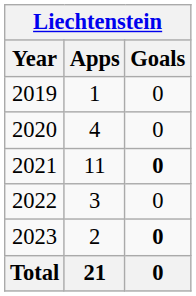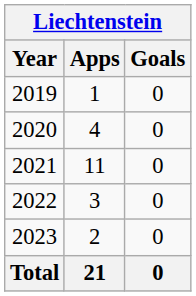 <table class="wikitable" style="text-align:center">
 <tr>
 <th colspan=3><a href='#'>Liechtenstein</a></th>
 </tr>
 <tr>
 <th>Year</th>
 <th>Apps</th>
 <th>Goals</th>
 </tr>
 <tr>
 <td>2019</td>
 <td>1</td>
 <td>0</td>
 </tr>
 <tr>
 <td>2020</td>
 <td>4</td>
 <td>0</td>
 </tr>
 <tr>
 <td>2021</td>
 <td>11</td>
-<td><strong>0</strong></td>
+<td>0</td>
 </tr>
 <tr>
 <td>2022</td>
 <td>3</td>
 <td>0</td>
 </tr>
 <tr>
 <td>2023</td>
 <td>2</td>
-<td><strong>0</strong></td>
+<td>0</td>
 </tr>
 <tr>
 <th>Total</th>
 <th>21</th>
 <th>0</th>
 </tr>
 </table>
